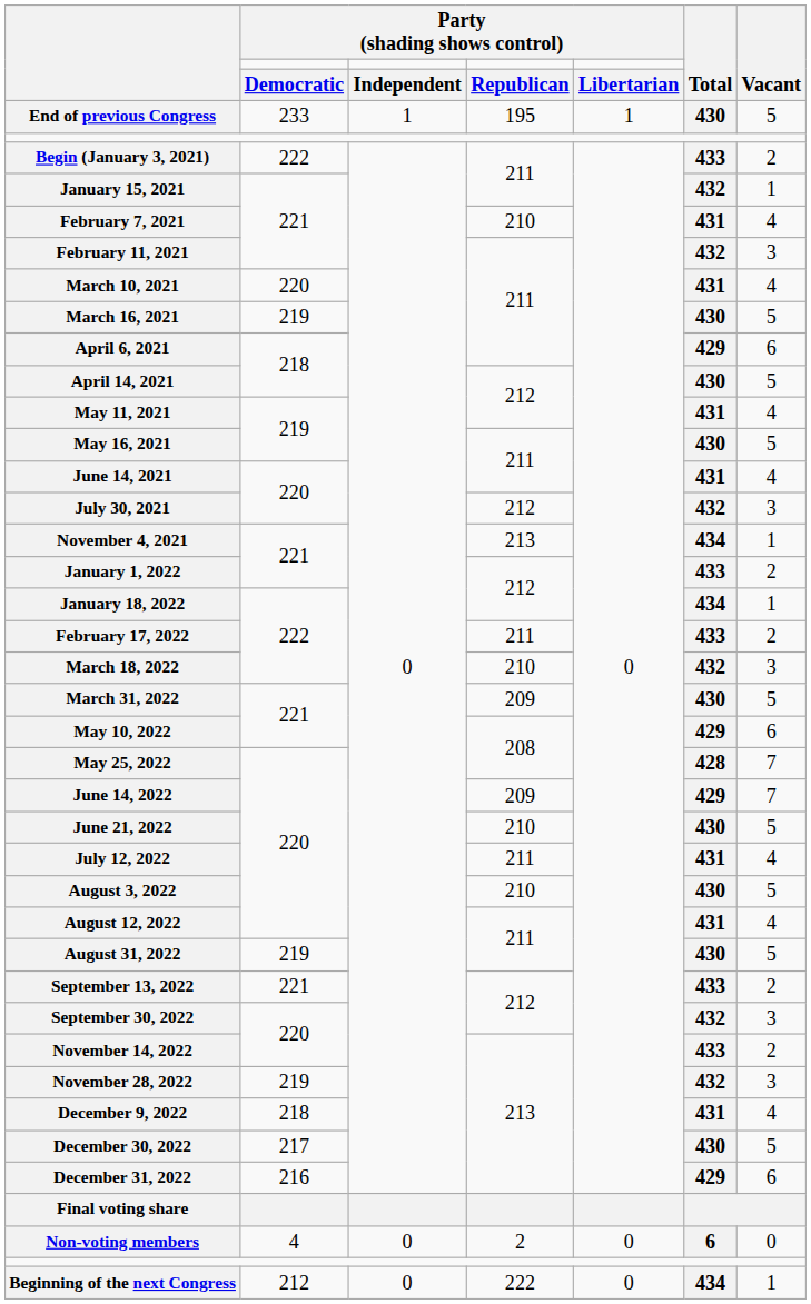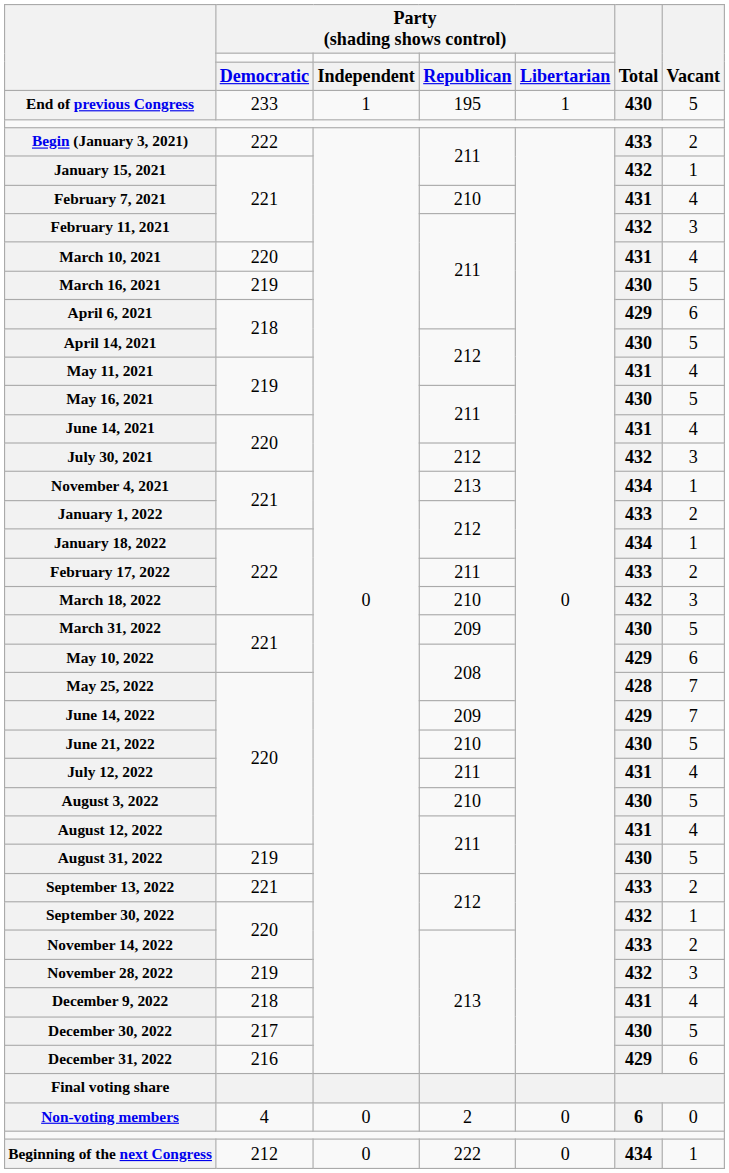 <table class=wikitable style="text-align:center">
 <tr style="vertical-align:bottom">
 <th rowspan=3> </th>
 <th colspan=4>Party<div>(shading shows control)</div></th>
 <th rowspan=3>Total</th>
 <th rowspan=3>Vacant</th>
 </tr>
 <tr style="height:5px">
 <td style="background-color:"></td>
 <td style="background-color:"></td>
 <td style="background-color:"></td>
 <td style="background-color:"></td>
 </tr>
 <tr>
 <th><a href='#'>Democratic</a></th>
 <th>Independent</th>
 <th><a href='#'>Republican</a></th>
 <th><a href='#'>Libertarian</a></th>
 </tr>
 <tr>
 <th style="font-size:85%">End of <a href='#'>previous Congress</a></th>
 <td>233</td>
 <td>1</td>
 <td>195</td>
 <td>1</td>
 <th>430</th>
 <td>5</td>
 </tr>
 <tr>
 <td colspan=99></td>
 </tr>
 <tr>
 <th style="font-size:85%"><a href='#'>Begin</a> (January 3, 2021)</th>
 <td>222</td>
 <td rowspan="33">0</td>
 <td rowspan="2">211</td>
 <td rowspan="33">0</td>
 <th>433</th>
 <td>2</td>
 </tr>
 <tr>
 <th style="font-size:85%">January 15, 2021</th>
 <td rowspan="3" >221</td>
 <th>432</th>
 <td>1</td>
 </tr>
 <tr>
 <th style="font-size:85%">February 7, 2021</th>
 <td>210</td>
 <th>431</th>
 <td>4</td>
 </tr>
 <tr>
 <th style="font-size:85%">February 11, 2021</th>
 <td rowspan="4">211</td>
 <th>432</th>
 <td>3</td>
 </tr>
 <tr>
 <th style="font-size:85%">March 10, 2021</th>
 <td>220</td>
 <th>431</th>
 <td>4</td>
 </tr>
 <tr>
 <th style="font-size:85%">March 16, 2021</th>
 <td>219</td>
 <th>430</th>
 <td>5</td>
 </tr>
 <tr>
 <th style="font-size:85%">April 6, 2021</th>
 <td rowspan="2" >218</td>
 <th>429</th>
 <td>6</td>
 </tr>
 <tr>
 <th style="font-size:85%">April 14, 2021</th>
 <td rowspan="2">212</td>
 <th>430</th>
 <td>5</td>
 </tr>
 <tr>
 <th style="font-size:85%">May 11, 2021</th>
 <td rowspan="2" >219</td>
 <th>431</th>
 <td>4</td>
 </tr>
 <tr>
 <th style="font-size:85%">May 16, 2021</th>
 <td rowspan="2">211</td>
 <th>430</th>
 <td>5</td>
 </tr>
 <tr>
 <th style="font-size:85%">June 14, 2021</th>
 <td rowspan="2" >220</td>
 <th>431</th>
 <td>4</td>
 </tr>
 <tr>
 <th style="font-size:85%">July 30, 2021</th>
 <td>212</td>
 <th>432</th>
 <td>3</td>
 </tr>
 <tr>
 <th style="font-size:85%">November 4, 2021</th>
 <td rowspan="2" >221</td>
 <td>213</td>
 <th>434</th>
 <td>1</td>
 </tr>
 <tr>
 <th style="font-size:85%">January 1, 2022</th>
 <td rowspan="2">212</td>
 <th>433</th>
 <td>2</td>
 </tr>
 <tr>
 <th style="font-size:85%">January 18, 2022</th>
 <td rowspan="3" >222</td>
 <th>434</th>
 <td>1</td>
 </tr>
 <tr>
 <th style="font-size:85%">February 17, 2022</th>
 <td>211</td>
 <th>433</th>
 <td>2</td>
 </tr>
 <tr>
 <th style="font-size:85%">March 18, 2022</th>
 <td>210</td>
 <th>432</th>
 <td>3</td>
 </tr>
 <tr>
 <th style="font-size:85%">March 31, 2022</th>
 <td rowspan="2" >221</td>
 <td>209</td>
 <th>430</th>
 <td>5</td>
 </tr>
 <tr>
 <th style="font-size:85%">May 10, 2022</th>
 <td rowspan="2">208</td>
 <th>429</th>
 <td>6</td>
 </tr>
 <tr>
 <th style="font-size:85%">May 25, 2022</th>
 <td rowspan="6" >220</td>
 <th>428</th>
 <td>7</td>
 </tr>
 <tr>
 <th style="font-size:85%">June 14, 2022</th>
 <td>209</td>
 <th>429</th>
 <td>7</td>
 </tr>
 <tr>
 <th style="font-size:85%">June 21, 2022</th>
 <td>210</td>
 <th>430</th>
 <td>5</td>
 </tr>
 <tr>
 <th style="font-size:85%">July 12, 2022</th>
 <td>211</td>
 <th>431</th>
 <td>4</td>
 </tr>
 <tr>
 <th style="font-size:85%">August 3, 2022</th>
 <td>210</td>
 <th>430</th>
 <td>5</td>
 </tr>
 <tr>
 <th style="font-size:85%">August 12, 2022</th>
 <td rowspan="2">211</td>
 <th>431</th>
 <td>4</td>
 </tr>
 <tr>
 <th style="font-size:85%">August 31, 2022</th>
 <td>219</td>
 <th>430</th>
 <td>5</td>
 </tr>
 <tr>
 <th style="font-size:85%">September 13, 2022</th>
 <td>221</td>
 <td rowspan="2">212</td>
 <th>433</th>
 <td>2</td>
 </tr>
 <tr>
 <th style="font-size:85%">September 30, 2022</th>
 <td rowspan="2" >220</td>
 <th>432</th>
-<td>3</td>
+<td>1</td>
 </tr>
 <tr>
 <th style="font-size:85%">November 14, 2022</th>
 <td rowspan="5">213</td>
 <th>433</th>
 <td>2</td>
 </tr>
 <tr>
 <th style="font-size:85%">November 28, 2022</th>
 <td>219</td>
 <th>432</th>
 <td>3</td>
 </tr>
 <tr>
 <th style="font-size:85%">December 9, 2022</th>
 <td>218</td>
 <th>431</th>
 <td>4</td>
 </tr>
 <tr>
 <th style="font-size:85%">December 30, 2022</th>
 <td>217</td>
 <th>430</th>
 <td>5</td>
 </tr>
 <tr>
 <th style="font-size:85%">December 31, 2022</th>
 <td>216</td>
 <th>429</th>
 <td>6</td>
 </tr>
 <tr>
 <th style="font-size:85%">Final voting share</th>
 <th></th>
 <th></th>
 <th></th>
 <th></th>
 <th colspan="3"> </th>
 </tr>
 <tr>
 <th style="font-size:85%"><a href='#'>Non-voting members</a></th>
 <td>4</td>
 <td>0</td>
 <td>2</td>
 <td>0</td>
 <th>6</th>
 <td>0</td>
 </tr>
 <tr>
 <td colspan=99></td>
 </tr>
 <tr>
 <th style="white-space:nowrap; font-size:85%;">Beginning of the <a href='#'>next Congress</a></th>
 <td>212</td>
 <td>0</td>
 <td>222</td>
 <td>0</td>
 <th>434</th>
 <td>1</td>
 </tr>
 </table>
